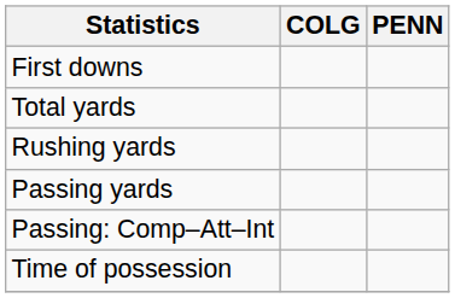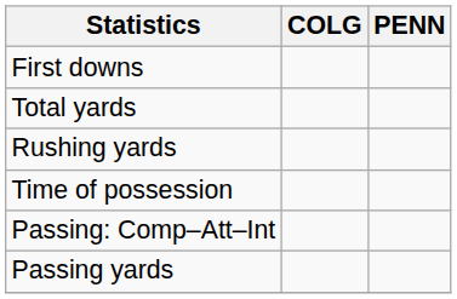 <table class="wikitable" style="float: left;">
 <tr>
 <th>Statistics</th>
 <th>COLG</th>
 <th>PENN</th>
 </tr>
 <tr>
 <td>First downs</td>
 <td></td>
 <td></td>
 </tr>
 <tr>
 <td>Total yards</td>
 <td></td>
 <td></td>
 </tr>
 <tr>
 <td>Rushing yards</td>
 <td></td>
 <td></td>
 </tr>
 <tr>
-<td>Passing yards</td>
+<td>Time of possession</td>
 <td></td>
 <td></td>
 </tr>
 <tr>
 <td>Passing: Comp–Att–Int</td>
 <td></td>
 <td></td>
 </tr>
 <tr>
-<td>Time of possession</td>
+<td>Passing yards</td>
 <td></td>
 <td></td>
 </tr>
 <tr>
 </tr>
 </table>
